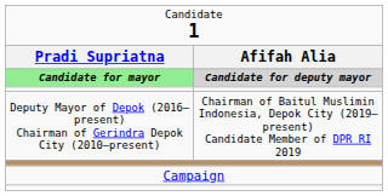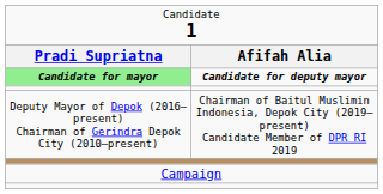 <table class="wikitable" style="font-size:90%; text-align:center;">
 <tr>
 <td colspan=2 style="text-align:center;">Candidate<br><big><big><big><strong>1</strong></big></big></big></td>
 </tr>
 <tr>
 <th style=" font-size:135%; width:200px;"><a href='#'>Pradi Supriatna</a></th>
 <th style=" font-size:135%; width:200px;">Afifah Alia</th>
 </tr>
 <tr style="color:#000; font-size:100%;">
 <td style="background: lightgreen;  width:200px;"><strong><em>Candidate for mayor</em></strong></td>
-<td style="background: lightgrey;  width:200px;"><strong><em>Candidate for deputy mayor</em></strong></td>
+<td style=" width:200px;"><strong><em>Candidate for deputy mayor</em></strong></td>
 </tr>
 <tr>
 <td></td>
 <td></td>
 </tr>
 <tr>
 <td>Deputy Mayor of <a href='#'>Depok</a> (2016–present) <br> Chairman of <a href='#'>Gerindra</a> Depok City (2010–present)</td>
 <td>Chairman of Baitul Muslimin Indonesia, Depok City (2019–present) <br> Candidate Member of <a href='#'>DPR RI</a> 2019</td>
 </tr>
 <tr>
 <td colspan=2 bgcolor="#B79164"></td>
 </tr>
 <tr>
 <td colspan=2><big><a href='#'>Campaign</a></big></td>
 </tr>
 <tr>
 <td colspan=2></td>
 </tr>
 </table>
